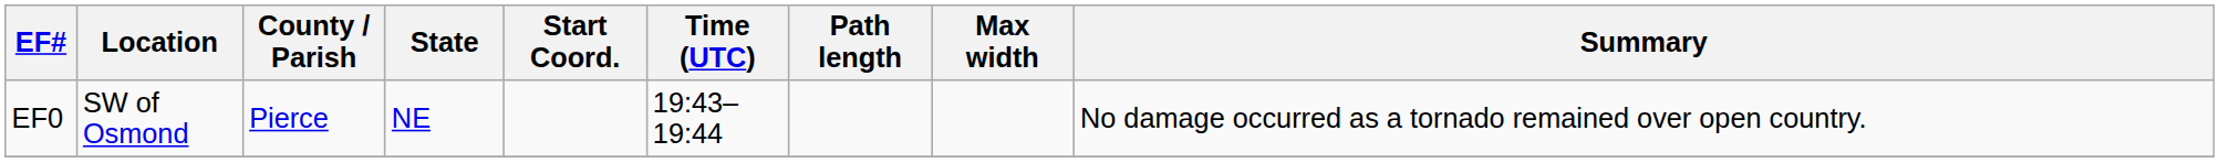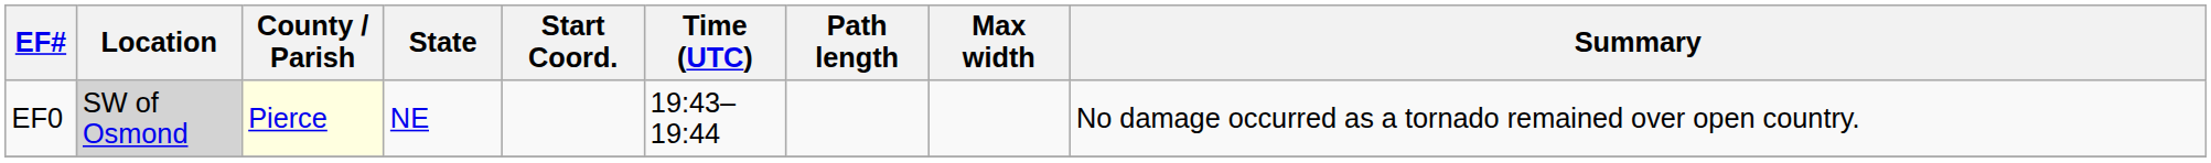 <table class="wikitable sortable" style="width:100%;">
 <tr>
 <th scope="col"  style="width:3%; text-align:center;"><a href='#'>EF#</a></th>
 <th scope="col"  style="width:7%; text-align:center;" class="unsortable">Location</th>
 <th scope="col"  style="width:6%; text-align:center;" class="unsortable">County / Parish</th>
 <th scope="col"  style="width:5%; text-align:center;">State</th>
 <th scope="col"  style="width:6%; text-align:center;">Start Coord.</th>
 <th scope="col"  style="width:6%; text-align:center;">Time (<a href='#'>UTC</a>)</th>
 <th scope="col"  style="width:6%; text-align:center;">Path length</th>
 <th scope="col"  style="width:6%; text-align:center;">Max width</th>
 <th scope="col" class="unsortable" style="width:48%; text-align:center;">Summary</th>
 </tr>
 <tr>
 <td>EF0</td>
-<td>SW of <a href='#'>Osmond</a></td>
-<td><a href='#'>Pierce</a></td>
+<td style="background: lightgrey;">SW of <a href='#'>Osmond</a></td>
+<td style="background: lightyellow;"><a href='#'>Pierce</a></td>
 <td><a href='#'>NE</a></td>
 <td></td>
 <td>19:43–19:44</td>
 <td></td>
 <td></td>
 <td>No damage occurred as a tornado remained over open country.</td>
 </tr>
 <tr>
 </tr>
 </table>
